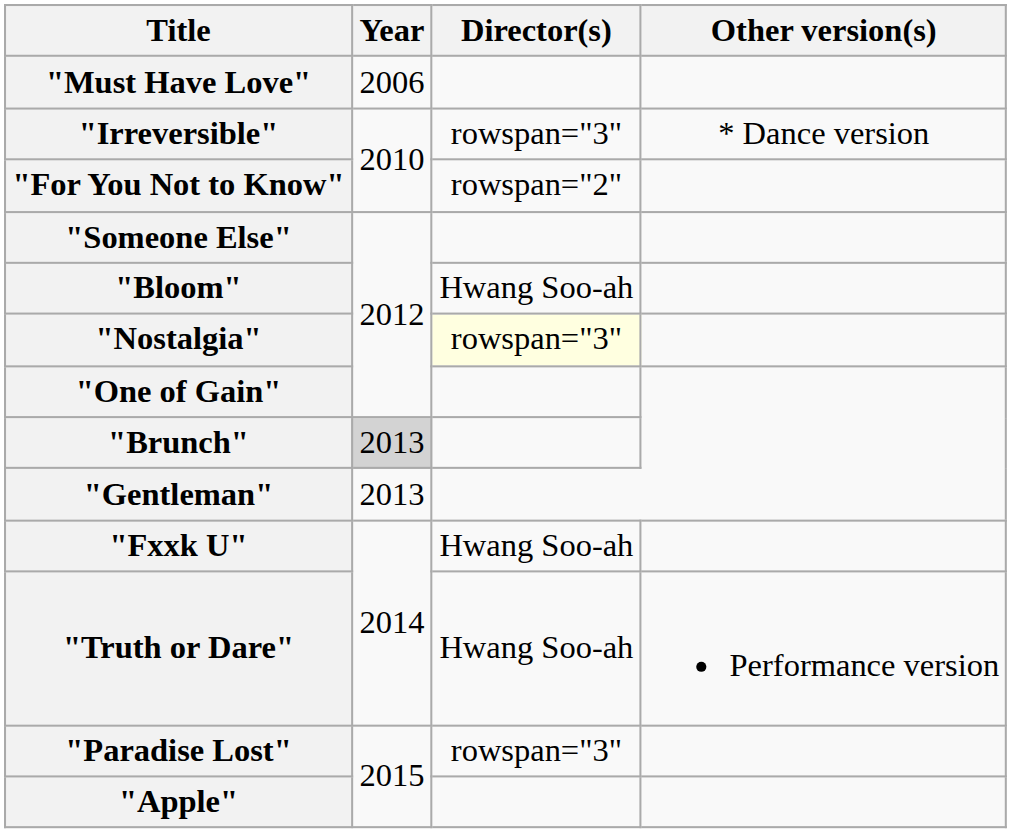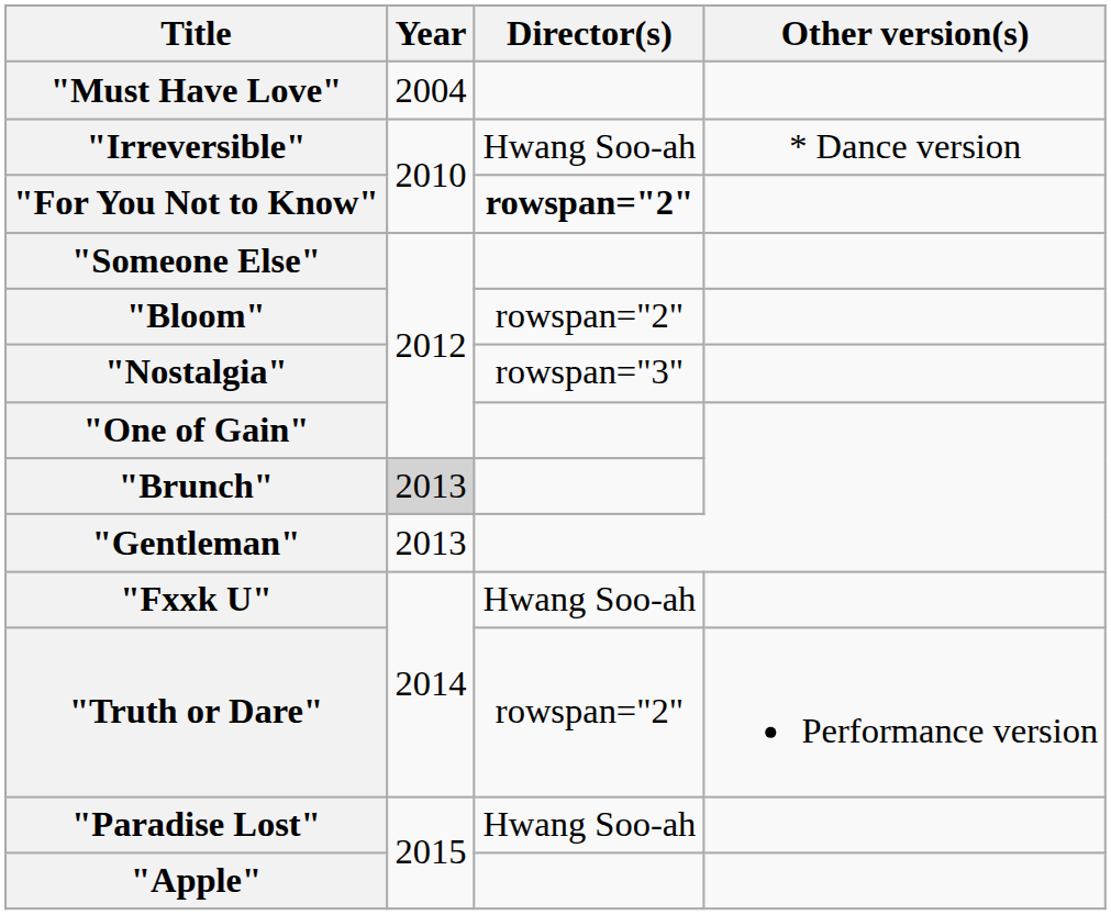 <table class="wikitable plainrowheaders" style="text-align:center;">
 <tr>
 <th scope="col">Title</th>
 <th scope="col">Year</th>
 <th scope="col">Director(s)</th>
 <th scope="col">Other version(s)</th>
 </tr>
 <tr>
 <th scope="row">"Must Have Love"</th>
-<td>2006</td>
+<td>2004</td>
 <td></td>
 <td></td>
 </tr>
 <tr>
 <th scope="row">"Irreversible"</th>
 <td rowspan="2">2010</td>
-<td>rowspan="3" </td>
+<td>Hwang Soo-ah</td>
 <td>* Dance version</td>
 </tr>
 <tr>
 <th scope="row">"For You Not to Know"</th>
-<td>rowspan="2" </td>
+<td><strong>rowspan="2" </strong></td>
 <td></td>
 </tr>
 <tr>
 <th scope="row">"Someone Else"</th>
 <td rowspan="4">2012</td>
 <td></td>
 </tr>
 <tr>
 <th scope="row">"Bloom"</th>
-<td>Hwang Soo-ah</td>
+<td>rowspan="2" </td>
 <td></td>
 </tr>
 <tr>
 <th scope="row">"Nostalgia"</th>
-<td style="background: lightyellow;">rowspan="3" </td>
+<td>rowspan="3" </td>
 <td></td>
 </tr>
 <tr>
 <th scope="row">"One of Gain"</th>
 <td></td>
 </tr>
 <tr>
 <th scope="row">"Brunch"</th>
 <td style="background: lightgrey;">2013</td>
 <td></td>
 </tr>
 <tr>
 <th scope="row">"Gentleman"</th>
 <td>2013</td>
 </tr>
 <tr>
 <th scope="row">"Fxxk U"</th>
 <td rowspan="2">2014</td>
 <td>Hwang Soo-ah</td>
 <td></td>
 </tr>
 <tr>
 <th scope="row">"Truth or Dare"</th>
-<td>Hwang Soo-ah</td>
+<td>rowspan="2" </td>
 <td><br><ul><li>Performance version</li></ul></td>
 </tr>
 <tr>
 <th scope="row">"Paradise Lost"</th>
 <td rowspan="2">2015</td>
-<td>rowspan="3" </td>
+<td>Hwang Soo-ah</td>
 <td></td>
 </tr>
 <tr>
 <th scope="row">"Apple"</th>
 <td></td>
 <td></td>
 </tr>
 </table>
